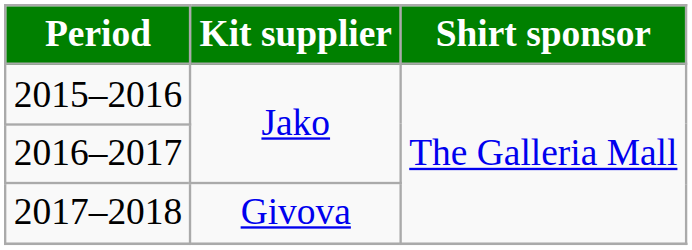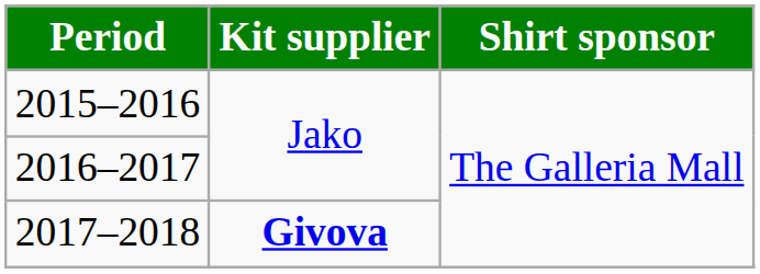 <table class="wikitable" style="text-align: center;">
 <tr>
 <th style="color:#FFFFFF; background:green;">Period</th>
 <th style="color:#FFFFFF; background:green;">Kit supplier</th>
 <th style="color:#FFFFFF; background:green;">Shirt sponsor</th>
 </tr>
 <tr>
 <td>2015–2016</td>
 <td rowspan="2"><a href='#'>Jako</a></td>
 <td rowspan="3"><a href='#'>The Galleria Mall</a></td>
 </tr>
 <tr>
 <td>2016–2017</td>
 </tr>
 <tr>
 <td>2017–2018</td>
-<td><a href='#'>Givova</a></td>
+<td><strong><a href='#'>Givova</a></strong></td>
 </tr>
 <tr>
 </tr>
 </table>
